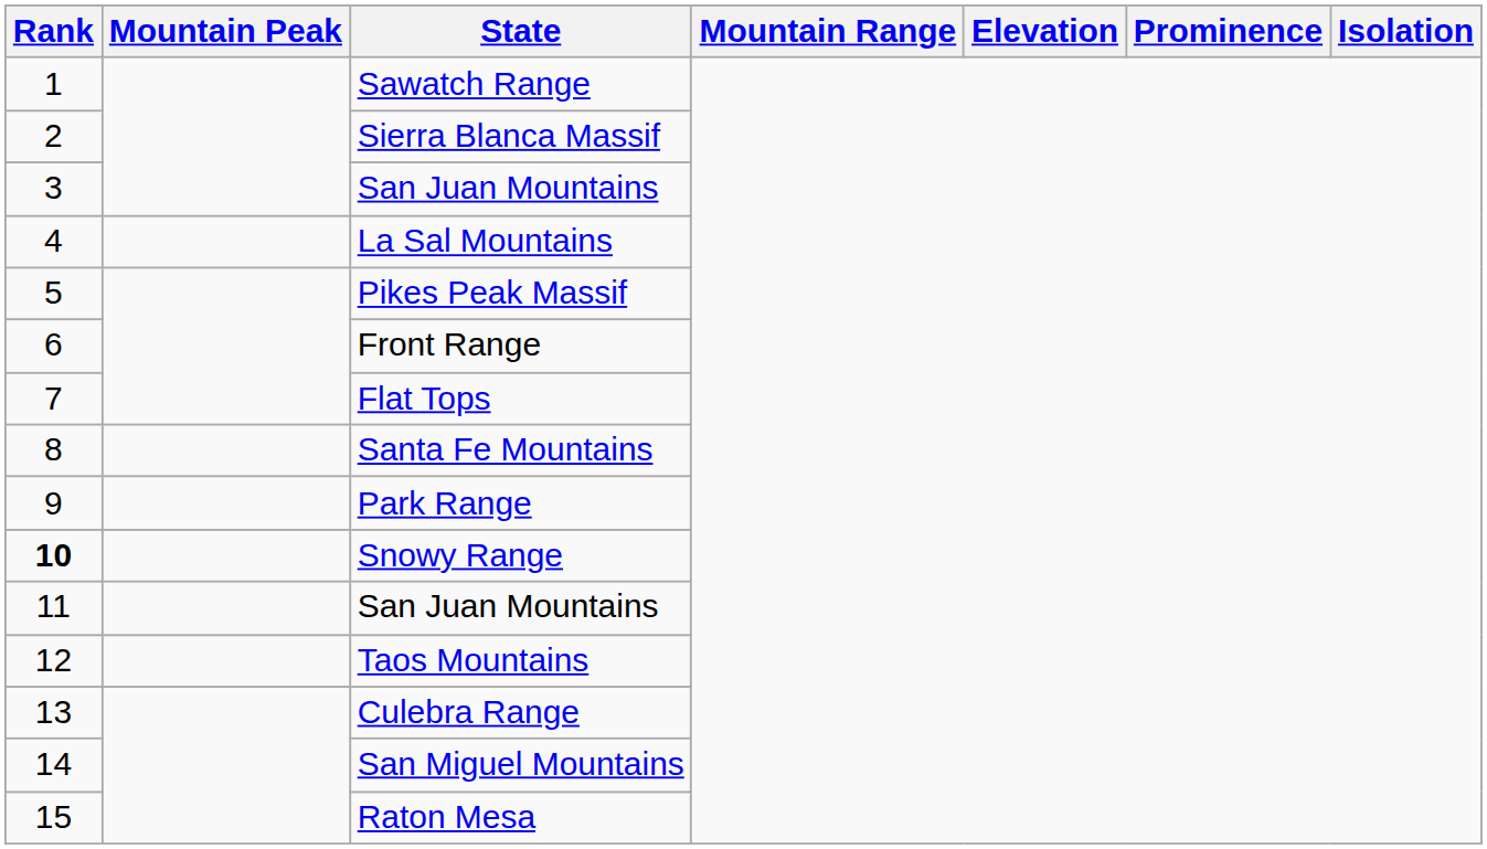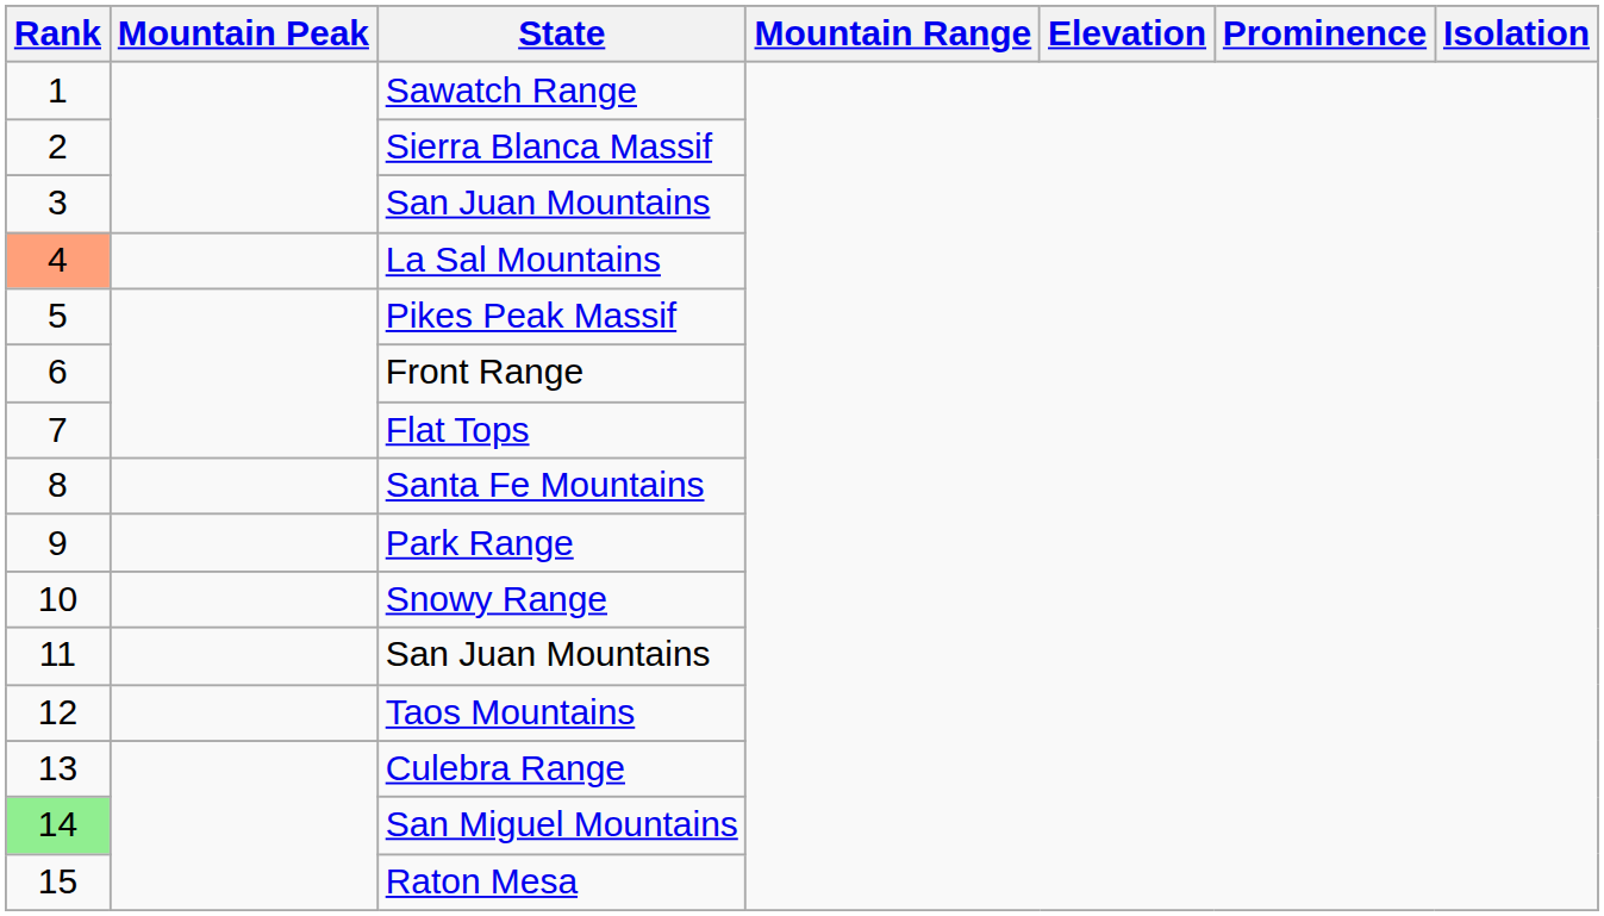 <table class="wikitable sortable">
 <tr>
 <th><a href='#'>Rank</a></th>
 <th><a href='#'>Mountain Peak</a></th>
 <th><a href='#'>State</a></th>
 <th><a href='#'>Mountain Range</a></th>
 <th><a href='#'>Elevation</a></th>
 <th><a href='#'>Prominence</a></th>
 <th><a href='#'>Isolation</a></th>
 </tr>
 <tr>
 <td align=center>1<br></td>
 <td rowspan=3></td>
 <td><a href='#'>Sawatch Range</a><br></td>
 </tr>
 <tr>
 <td align=center>2<br></td>
 <td><a href='#'>Sierra Blanca Massif</a><br></td>
 </tr>
 <tr>
 <td align=center>3<br></td>
 <td><a href='#'>San Juan Mountains</a><br></td>
 </tr>
 <tr>
-<td align=center>4<br></td>
+<td align=center style="background: lightsalmon;">4<br></td>
 <td></td>
 <td><a href='#'>La Sal Mountains</a><br></td>
 </tr>
 <tr>
 <td align=center>5<br></td>
 <td rowspan=3></td>
 <td><a href='#'>Pikes Peak Massif</a><br></td>
 </tr>
 <tr>
 <td align=center>6<br></td>
 <td>Front Range<br></td>
 </tr>
 <tr>
 <td align=center>7<br></td>
 <td><a href='#'>Flat Tops</a> <br></td>
 </tr>
 <tr>
 <td align=center>8<br></td>
 <td></td>
 <td><a href='#'>Santa Fe Mountains</a> <br></td>
 </tr>
 <tr>
 <td align=center>9<br></td>
 <td></td>
 <td><a href='#'>Park Range</a><br></td>
 </tr>
 <tr>
-<td align=center><strong>10<br></strong></td>
+<td align=center>10<br></td>
 <td></td>
 <td><a href='#'>Snowy Range</a> <br></td>
 </tr>
 <tr>
 <td align=center>11<br></td>
 <td></td>
 <td>San Juan Mountains<br></td>
 </tr>
 <tr>
 <td align=center>12<br></td>
 <td></td>
 <td><a href='#'>Taos Mountains</a><br></td>
 </tr>
 <tr>
 <td align=center>13<br></td>
 <td rowspan=3></td>
 <td><a href='#'>Culebra Range</a><br></td>
 </tr>
 <tr>
-<td align=center>14<br></td>
+<td align=center style="background: lightgreen;">14<br></td>
 <td><a href='#'>San Miguel Mountains</a> <br></td>
 </tr>
 <tr>
 <td align=center>15<br></td>
 <td><a href='#'>Raton Mesa</a> <br></td>
 </tr>
 </table>
